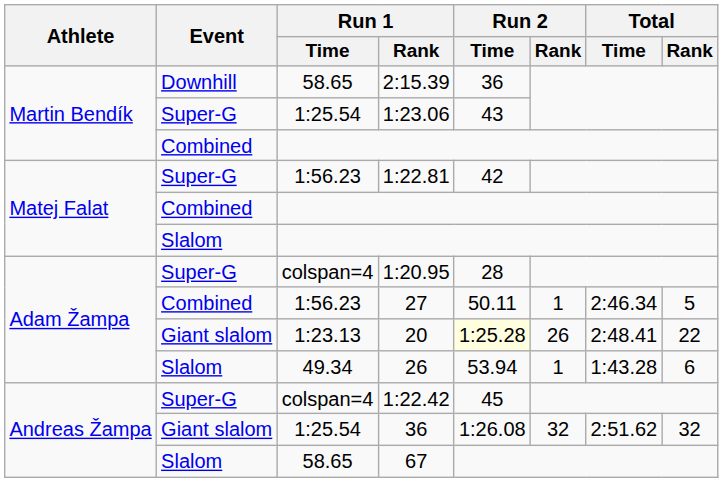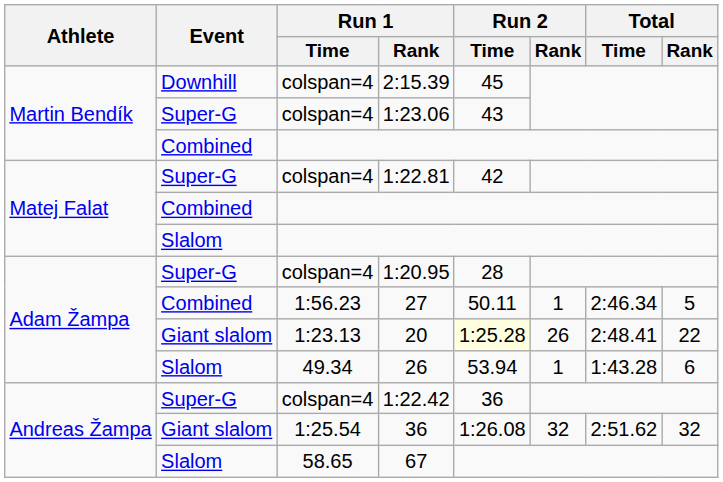 <table class="wikitable" style="font-size:90%">
 <tr>
 <th rowspan=2>Athlete</th>
 <th rowspan=2>Event</th>
 <th colspan=2>Run 1</th>
 <th colspan=2>Run 2</th>
 <th colspan=2>Total</th>
 </tr>
 <tr style="font-size:95%">
 <th>Time</th>
 <th>Rank</th>
 <th>Time</th>
 <th>Rank</th>
 <th>Time</th>
 <th>Rank</th>
 </tr>
 <tr align=center>
 <td align=left rowspan=3><a href='#'>Martin Bendík</a></td>
 <td align=left><a href='#'>Downhill</a></td>
-<td>58.65</td>
+<td>colspan=4 </td>
 <td>2:15.39</td>
-<td>36</td>
+<td>45</td>
 </tr>
 <tr align=center>
 <td align=left><a href='#'>Super-G</a></td>
-<td>1:25.54</td>
+<td>colspan=4 </td>
 <td>1:23.06</td>
 <td>43</td>
 </tr>
 <tr align=center>
 <td align=left><a href='#'>Combined</a></td>
 <td colspan=6></td>
 </tr>
 <tr align=center>
 <td align=left rowspan=3><a href='#'>Matej Falat</a></td>
 <td align=left><a href='#'>Super-G</a></td>
-<td>1:56.23</td>
+<td>colspan=4 </td>
 <td>1:22.81</td>
 <td>42</td>
 </tr>
 <tr align=center>
 <td align=left><a href='#'>Combined</a></td>
 <td colspan=6></td>
 </tr>
 <tr align=center>
 <td align=left><a href='#'>Slalom</a></td>
 <td colspan=6></td>
 </tr>
 <tr align=center>
 <td align=left rowspan=4><a href='#'>Adam Žampa</a></td>
 <td align=left><a href='#'>Super-G</a></td>
 <td>colspan=4 </td>
 <td>1:20.95</td>
 <td>28</td>
 </tr>
 <tr align=center>
 <td align=left><a href='#'>Combined</a></td>
 <td>1:56.23</td>
 <td>27</td>
 <td>50.11</td>
 <td>1</td>
 <td>2:46.34</td>
 <td>5</td>
 </tr>
 <tr align=center>
 <td align=left><a href='#'>Giant slalom</a></td>
 <td>1:23.13</td>
 <td>20</td>
 <td style="background: lightyellow;">1:25.28</td>
 <td>26</td>
 <td>2:48.41</td>
 <td>22</td>
 </tr>
 <tr align=center>
 <td align=left><a href='#'>Slalom</a></td>
 <td>49.34</td>
 <td>26</td>
 <td>53.94</td>
 <td>1</td>
 <td>1:43.28</td>
 <td>6</td>
 </tr>
 <tr align=center>
 <td align=left rowspan=3><a href='#'>Andreas Žampa</a></td>
 <td align=left><a href='#'>Super-G</a></td>
 <td>colspan=4 </td>
 <td>1:22.42</td>
-<td>45</td>
+<td>36</td>
 </tr>
 <tr align=center>
 <td align=left><a href='#'>Giant slalom</a></td>
 <td>1:25.54</td>
 <td>36</td>
 <td>1:26.08</td>
 <td>32</td>
 <td>2:51.62</td>
 <td>32</td>
 </tr>
 <tr align=center>
 <td align=left><a href='#'>Slalom</a></td>
 <td>58.65</td>
 <td>67</td>
 <td colspan=4></td>
 </tr>
 </table>
